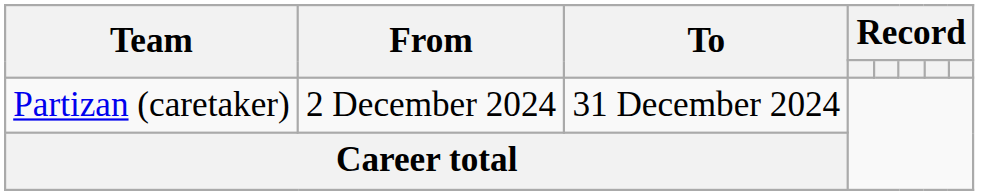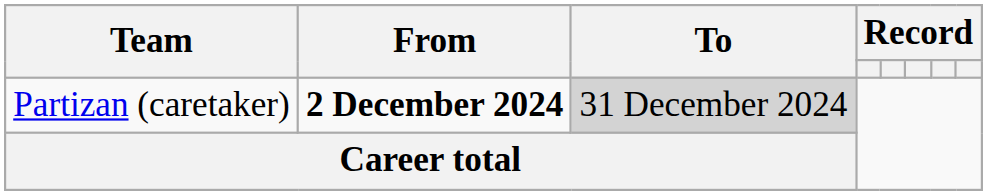 <table class="wikitable" style="text-align:center">
 <tr>
 <th rowspan=2>Team</th>
 <th rowspan=2>From</th>
 <th rowspan=2>To</th>
 <th colspan=8>Record</th>
 </tr>
 <tr>
 <th></th>
 <th></th>
 <th></th>
 <th></th>
 <th></th>
 </tr>
 <tr>
 <td align=left><a href='#'>Partizan</a> (caretaker)</td>
-<td align=left>2 December 2024</td>
-<td align=left>31 December 2024<br></td>
+<td align=left><strong>2 December 2024</strong></td>
+<td align=left style="background: lightgrey;">31 December 2024<br></td>
 </tr>
 <tr>
 <th colspan=3>Career total<br></th>
 </tr>
 </table>
